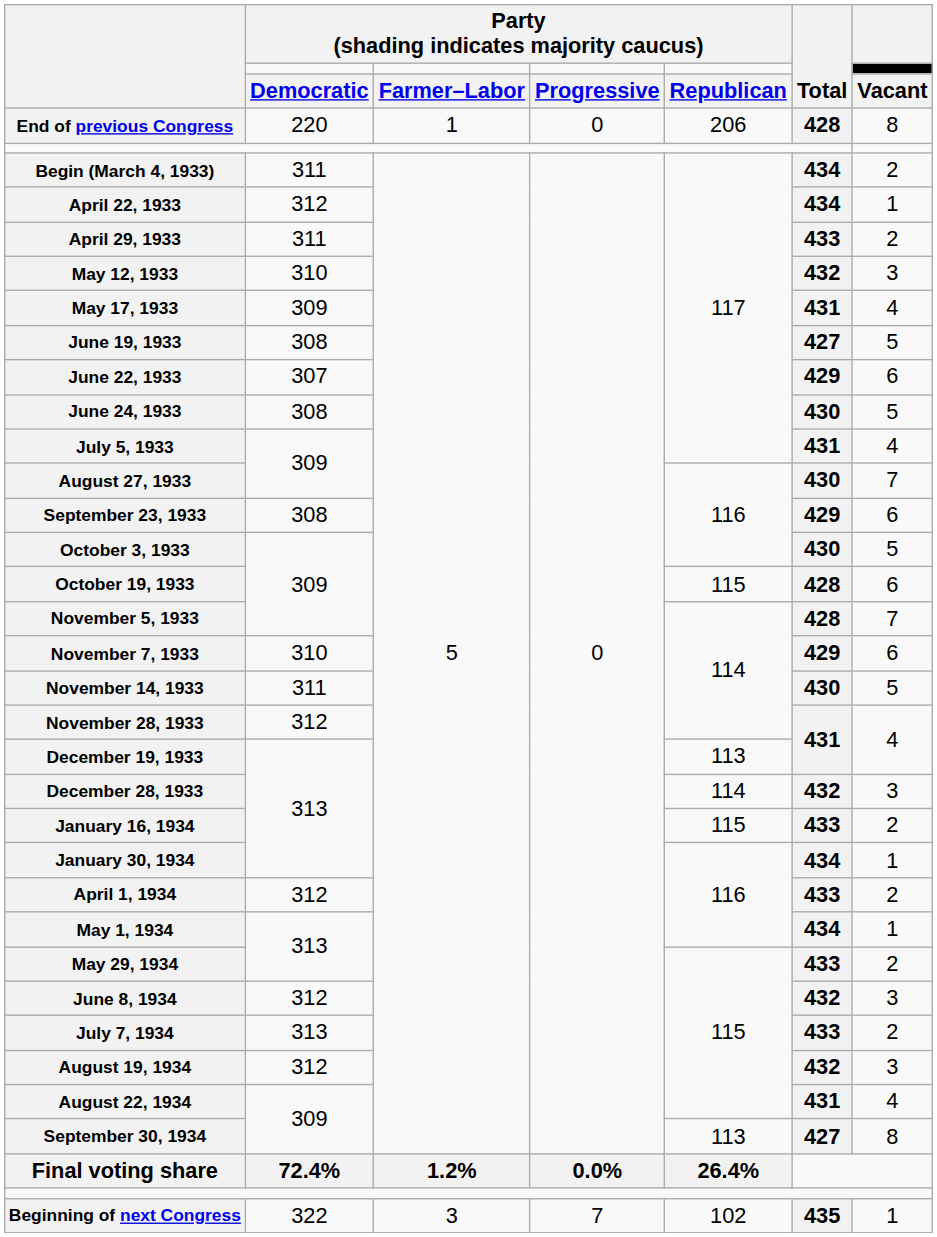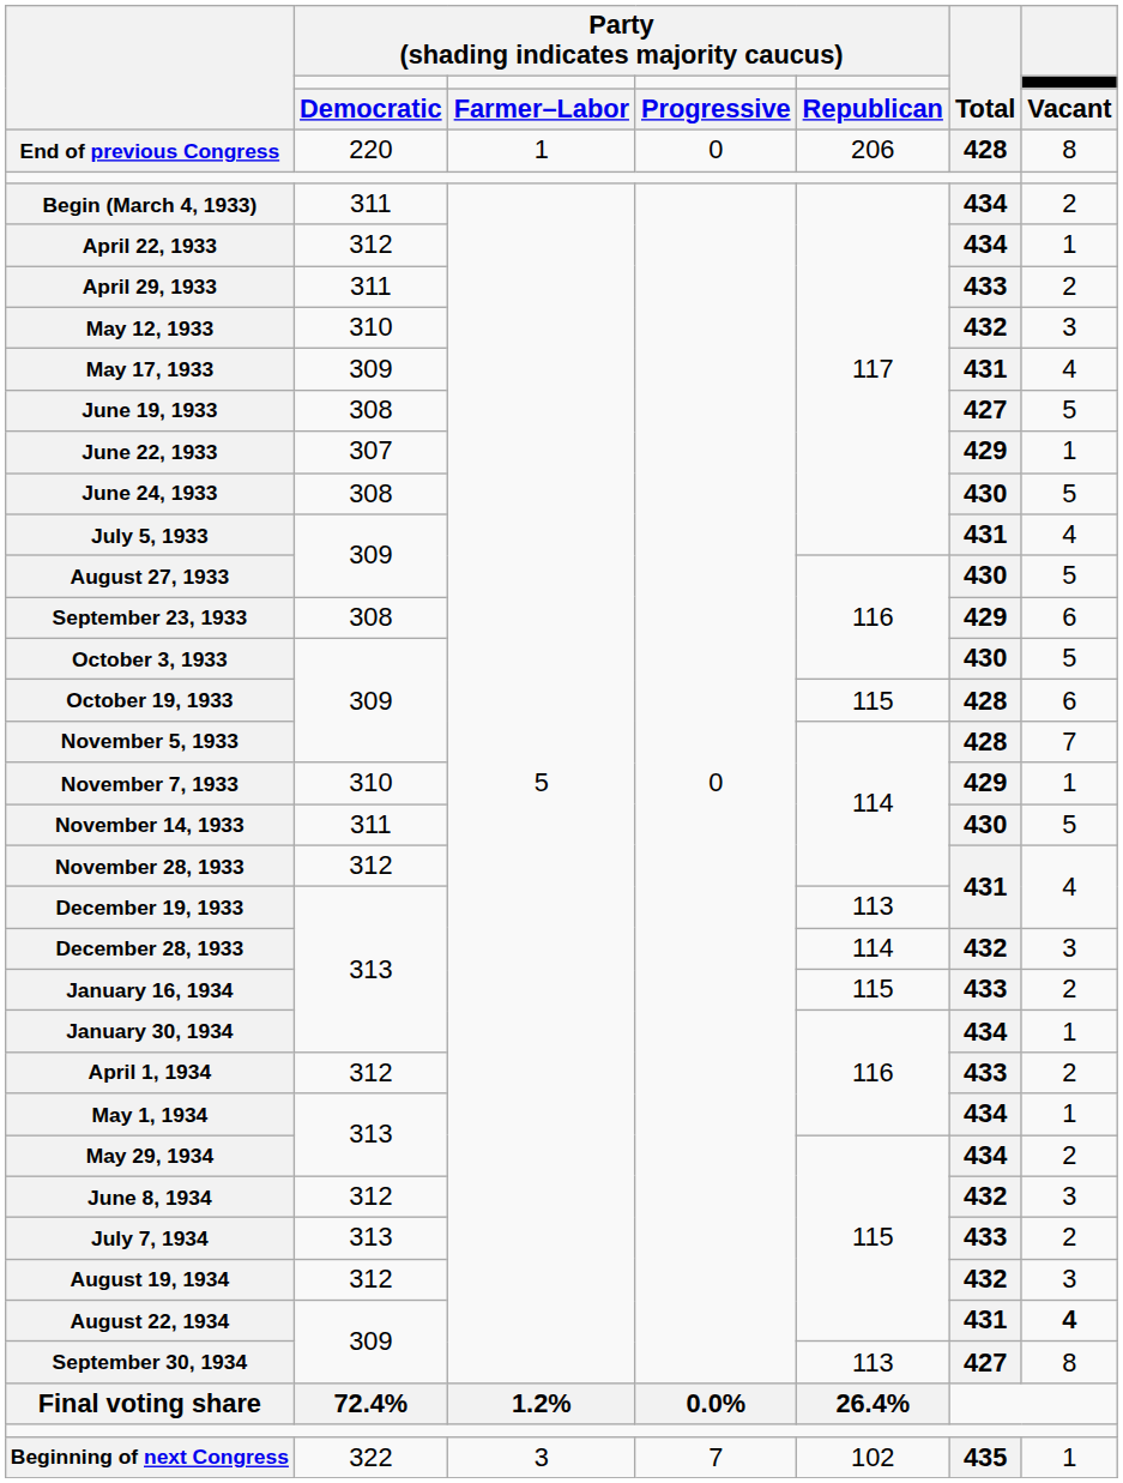 <table class=wikitable style="text-align:center">
 <tr style="vertical-align:bottom;">
 <th rowspan=3></th>
 <th colspan=4>Party<div>(shading indicates majority caucus)</div></th>
 <th rowspan=3>Total</th>
 <th></th>
 </tr>
 <tr style="height:5px">
 <td style="background-color:"></td>
 <td style="background-color:"></td>
 <td style="background-color:"></td>
 <td style="background-color:"></td>
 <td style="background:black;"></td>
 </tr>
 <tr>
 <th><a href='#'>Democratic</a></th>
 <th><a href='#'>Farmer–Labor</a></th>
 <th><a href='#'>Progressive</a></th>
 <th><a href='#'>Republican</a></th>
 <th>Vacant</th>
 </tr>
 <tr>
 <th style="white-space:nowrap; font-size:80%;">End of <a href='#'>previous Congress</a></th>
 <td>220</td>
 <td>1</td>
 <td>0</td>
 <td>206</td>
 <th>428</th>
 <td>8</td>
 </tr>
 <tr>
 <td colspan=6></td>
 </tr>
 <tr>
 <th style="white-space:nowrap; font-size:80%;">Begin (March 4, 1933)</th>
 <td>311</td>
 <td rowspan=29>5</td>
 <td rowspan=29>0</td>
 <td rowspan=9>117</td>
 <th>434</th>
 <td>2</td>
 </tr>
 <tr>
 <th style="white-space:nowrap; font-size:80%;">April 22, 1933</th>
 <td>312</td>
 <th>434</th>
 <td>1</td>
 </tr>
 <tr>
 <th style="font-size:80%">April 29, 1933</th>
 <td>311</td>
 <th>433</th>
 <td>2</td>
 </tr>
 <tr>
 <th style="font-size:80%">May 12, 1933</th>
 <td>310</td>
 <th>432</th>
 <td>3</td>
 </tr>
 <tr>
 <th style="font-size:80%">May 17, 1933</th>
 <td>309</td>
 <th>431</th>
 <td>4</td>
 </tr>
 <tr>
 <th style="font-size:80%">June 19, 1933</th>
 <td>308</td>
 <th>427</th>
 <td>5</td>
 </tr>
 <tr>
 <th style="font-size:80%">June 22, 1933</th>
 <td>307</td>
 <th>429</th>
-<td>6</td>
+<td>1</td>
 </tr>
 <tr>
 <th style="font-size:80%">June 24, 1933</th>
 <td>308</td>
 <th>430</th>
 <td>5</td>
 </tr>
 <tr>
 <th style="font-size:80%">July 5, 1933</th>
 <td rowspan=2 >309</td>
 <th>431</th>
 <td>4</td>
 </tr>
 <tr>
 <th style="font-size:80%">August 27, 1933</th>
 <td rowspan=3>116</td>
 <th>430</th>
-<td>7</td>
+<td>5</td>
 </tr>
 <tr>
 <th style="font-size:80%">September 23, 1933</th>
 <td>308</td>
 <th>429</th>
 <td>6</td>
 </tr>
 <tr>
 <th style="font-size:80%">October 3, 1933</th>
 <td rowspan=3 >309</td>
 <th>430</th>
 <td>5</td>
 </tr>
 <tr>
 <th style="font-size:80%">October 19, 1933</th>
 <td>115</td>
 <th>428</th>
 <td>6</td>
 </tr>
 <tr>
 <th style="font-size:80%">November 5, 1933</th>
 <td rowspan=4>114</td>
 <th>428</th>
 <td>7</td>
 </tr>
 <tr>
 <th style="font-size:80%">November 7, 1933</th>
 <td>310</td>
 <th>429</th>
-<td>6</td>
+<td>1</td>
 </tr>
 <tr>
 <th style="font-size:80%">November 14, 1933</th>
 <td>311</td>
 <th>430</th>
 <td>5</td>
 </tr>
 <tr>
 <th style="font-size:80%">November 28, 1933</th>
 <td>312</td>
 <th rowspan=2>431</th>
 <td rowspan=2>4</td>
 </tr>
 <tr>
 <th style="font-size:80%">December 19, 1933</th>
 <td rowspan=4 >313</td>
 <td>113</td>
 </tr>
 <tr>
 <th style="font-size:80%">December 28, 1933</th>
 <td>114</td>
 <th>432</th>
 <td>3</td>
 </tr>
 <tr>
 <th style="font-size:80%">January 16, 1934</th>
 <td>115</td>
 <th>433</th>
 <td>2</td>
 </tr>
 <tr>
 <th style="font-size:80%">January 30, 1934</th>
 <td rowspan=3>116</td>
 <th>434</th>
 <td>1</td>
 </tr>
 <tr>
 <th style="font-size:80%">April 1, 1934</th>
 <td>312</td>
 <th>433</th>
 <td>2</td>
 </tr>
 <tr>
 <th style="font-size:80%">May 1, 1934</th>
 <td rowspan=2 >313</td>
 <th>434</th>
 <td>1</td>
 </tr>
 <tr>
 <th style="font-size:80%">May 29, 1934</th>
 <td rowspan=5>115</td>
-<th>433</th>
+<th>434</th>
 <td>2</td>
 </tr>
 <tr>
 <th style="font-size:80%">June 8, 1934</th>
 <td>312</td>
 <th>432</th>
 <td>3</td>
 </tr>
 <tr>
 <th style="font-size:80%">July 7, 1934</th>
 <td>313</td>
 <th>433</th>
 <td>2</td>
 </tr>
 <tr>
 <th style="font-size:80%">August 19, 1934</th>
 <td>312</td>
 <th>432</th>
 <td>3</td>
 </tr>
 <tr>
 <th style="font-size:80%">August 22, 1934</th>
 <td rowspan=2 >309</td>
 <th>431</th>
-<td>4</td>
+<td><strong>4</strong></td>
 </tr>
 <tr>
 <th style="font-size:80%">September 30, 1934</th>
 <td>113</td>
 <th>427</th>
 <td>8</td>
 </tr>
 <tr style="text-align:center;">
 <th>Final voting share</th>
 <th>72.4%</th>
 <th>1.2%</th>
 <th>0.0%</th>
 <th>26.4%</th>
 <td colspan=2></td>
 </tr>
 <tr>
 <td colspan=99></td>
 </tr>
 <tr>
 <th style="white-space:nowrap; font-size:80%;">Beginning of <a href='#'>next Congress</a></th>
 <td>322</td>
 <td>3</td>
 <td>7</td>
 <td>102</td>
 <th>435</th>
 <td>1</td>
 </tr>
 </table>
